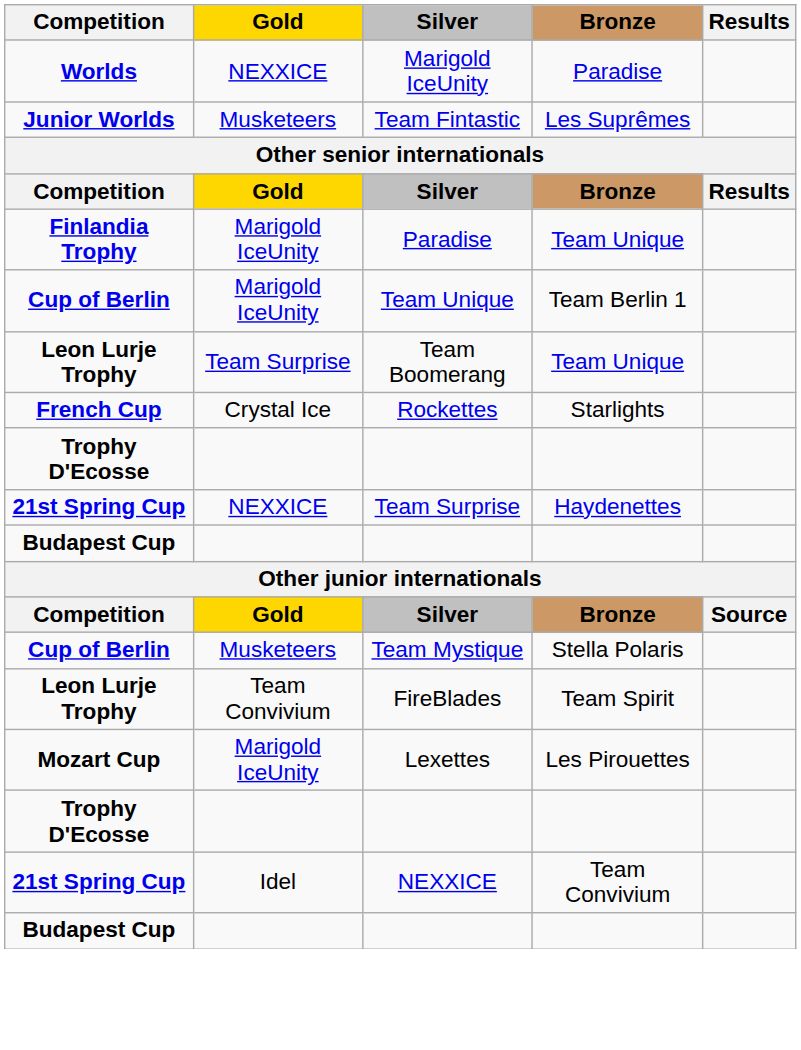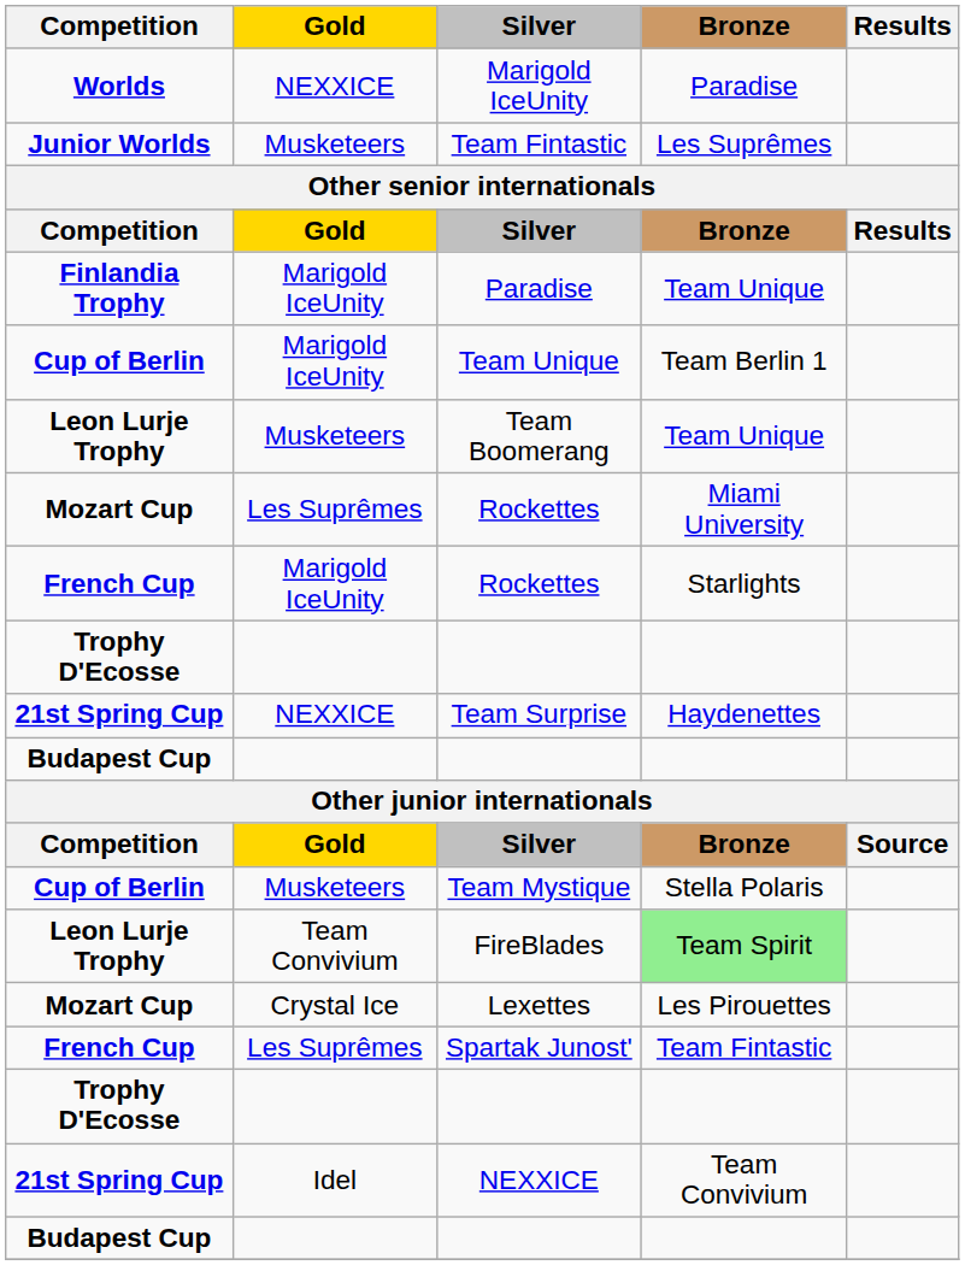 <table class="wikitable" style="text-align:center; width:90%;">
 <tr>
 <th scope="col" style="text-align:center; width:25%;">Competition</th>
 <td scope="col" style="text-align:center; width:22.5%; background:gold"><strong>Gold</strong></td>
 <td scope="col" style="text-align:center; width:22.5%; background:silver"><strong>Silver</strong></td>
 <td scope="col" style="text-align:center; width:22.5%; background:#c96"><strong>Bronze</strong></td>
 <th scope="col" style="text-align:center; width:7.5%;">Results</th>
 </tr>
 <tr>
 <td align="center"><strong><a href='#'>Worlds</a></strong></td>
 <td> <a href='#'>NEXXICE</a></td>
 <td> <a href='#'>Marigold IceUnity</a></td>
 <td> <a href='#'>Paradise</a></td>
 <td align="center"></td>
 </tr>
 <tr>
 <td align="center"><strong><a href='#'>Junior Worlds</a></strong></td>
 <td> <a href='#'>Musketeers</a></td>
 <td> <a href='#'>Team Fintastic</a></td>
 <td> <a href='#'>Les Suprêmes</a></td>
 <td align="center"></td>
 </tr>
 <tr>
 <th colspan=5>Other senior internationals</th>
 </tr>
 <tr>
 <th scope="col" style="text-align:center; width:25%;">Competition</th>
 <td scope="col" style="text-align:center; width:22.5%; background:gold"><strong>Gold</strong></td>
 <td scope="col" style="text-align:center; width:22.5%; background:silver"><strong>Silver</strong></td>
 <td scope="col" style="text-align:center; width:22.5%; background:#c96"><strong>Bronze</strong></td>
 <th scope="col" style="text-align:center; width:7.5%;">Results</th>
 </tr>
 <tr>
 <td align="center"><strong><a href='#'>Finlandia Trophy</a></strong></td>
 <td> <a href='#'>Marigold IceUnity</a></td>
 <td> <a href='#'>Paradise</a></td>
 <td> <a href='#'>Team Unique</a></td>
 <td align="center"></td>
 </tr>
 <tr>
 <td align="center"><strong><a href='#'>Cup of Berlin</a></strong></td>
 <td> <a href='#'>Marigold IceUnity</a></td>
 <td> <a href='#'>Team Unique</a></td>
 <td> Team Berlin 1</td>
 <td align="center"></td>
 </tr>
 <tr>
 <td align="center"><strong>Leon Lurje Trophy</strong></td>
-<td> <a href='#'>Team Surprise</a></td>
+<td> <a href='#'>Musketeers</a></td>
 <td> Team Boomerang</td>
 <td> <a href='#'>Team Unique</a></td>
 <td align="center"></td>
 </tr>
 <tr>
+<td align="center"><strong>Mozart Cup</strong></td>
+<td> <a href='#'>Les Suprêmes</a></td>
+<td> <a href='#'>Rockettes</a></td>
+<td> <a href='#'>Miami University</a></td>
+<td align="center"></td>
+</tr>
+<tr>
 <td align="center"><strong><a href='#'>French Cup</a></strong></td>
-<td> Crystal Ice</td>
+<td> <a href='#'>Marigold IceUnity</a></td>
 <td> <a href='#'>Rockettes</a></td>
 <td> Starlights</td>
 <td align="center"></td>
 </tr>
 <tr>
 <td align="center"><strong>Trophy D'Ecosse</strong></td>
 <td></td>
 <td></td>
 <td></td>
 <td align="center"></td>
 </tr>
 <tr>
 <td align="center"><strong><a href='#'>21st Spring Cup</a></strong></td>
 <td> <a href='#'>NEXXICE</a></td>
 <td> <a href='#'>Team Surprise</a></td>
 <td> <a href='#'>Haydenettes</a></td>
 <td align="center"></td>
 </tr>
 <tr>
 <td align="center"><strong>Budapest Cup</strong></td>
 <td></td>
 <td></td>
 <td></td>
 <td align="center"></td>
 </tr>
 <tr>
 <th colspan=5>Other junior internationals</th>
 </tr>
 <tr>
 <th>Competition</th>
 <td align=center bgcolor=gold><strong>Gold</strong></td>
 <td align=center bgcolor=silver><strong>Silver</strong></td>
 <td align=center bgcolor=cc9966><strong>Bronze</strong></td>
 <th>Source</th>
 </tr>
 <tr>
 <td align="center"><strong><a href='#'>Cup of Berlin</a></strong></td>
 <td> <a href='#'>Musketeers</a></td>
 <td> <a href='#'>Team Mystique</a></td>
 <td> Stella Polaris</td>
 <td align="center"></td>
 </tr>
 <tr>
 <td align="center"><strong>Leon Lurje Trophy</strong></td>
 <td> Team Convivium</td>
 <td> FireBlades</td>
-<td> Team Spirit</td>
+<td style="background: lightgreen;"> Team Spirit</td>
 <td align="center"></td>
 </tr>
 <tr>
 <td align="center"><strong>Mozart Cup</strong></td>
-<td> <a href='#'>Marigold IceUnity</a></td>
+<td> Crystal Ice</td>
 <td> Lexettes</td>
 <td> Les Pirouettes</td>
+<td align="center"></td>
+</tr>
+<tr>
+<td align="center"><strong><a href='#'>French Cup</a></strong></td>
+<td> <a href='#'>Les Suprêmes</a></td>
+<td> <a href='#'>Spartak Junost'</a></td>
+<td> <a href='#'>Team Fintastic</a></td>
 <td align="center"></td>
 </tr>
 <tr>
 <td align="center"><strong>Trophy D'Ecosse</strong></td>
 <td></td>
 <td></td>
 <td></td>
 <td align="center"></td>
 </tr>
 <tr>
 <td align="center"><strong><a href='#'>21st Spring Cup</a></strong></td>
 <td> Idel</td>
 <td> <a href='#'>NEXXICE</a></td>
 <td> Team Convivium</td>
 <td align="center"></td>
 </tr>
 <tr>
 <td align="center"><strong>Budapest Cup</strong></td>
 <td></td>
 <td></td>
 <td></td>
 <td align="center"></td>
 </tr>
 <tr>
 </tr>
 </table>
